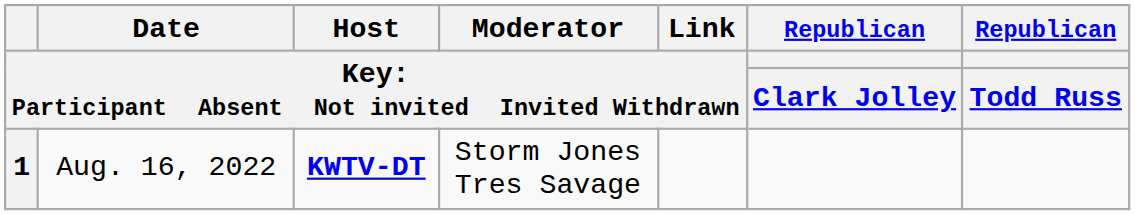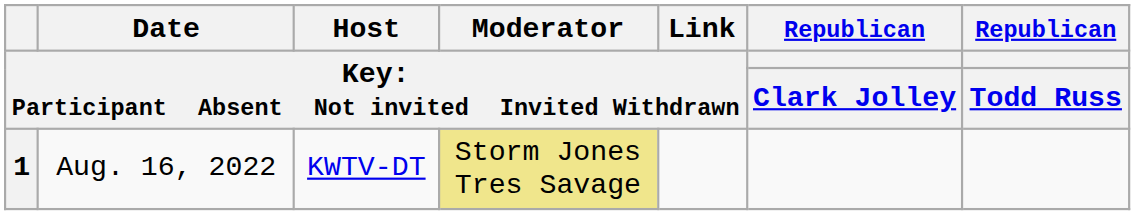 <table class="wikitable" style="text-align:center;">
 <tr>
 <th scope="col"></th>
 <th scope="col">Date</th>
 <th scope="col">Host</th>
 <th scope="col">Moderator</th>
 <th scope="col">Link</th>
 <th scope="col"><small><a href='#'>Republican</a></small></th>
 <th scope="col"><small><a href='#'>Republican</a></small></th>
 </tr>
 <tr>
 <th colspan="5" rowspan="2">Key:<br> <small>Participant </small>  <small>Absent </small>  <small>Not invited </small>  <small>Invited  Withdrawn</small></th>
 <th scope="col" style="background:"></th>
 <th scope="col" style="background:"></th>
 </tr>
 <tr>
 <th scope="col"><a href='#'>Clark Jolley</a></th>
 <th scope="col"><a href='#'>Todd Russ</a></th>
 </tr>
 <tr>
 <th>1</th>
 <td style="white-space:nowrap;">Aug. 16, 2022</td>
-<td style="white-space:nowrap;"><strong><a href='#'>KWTV-DT</a></strong></td>
-<td style="white-space:nowrap;">Storm Jones<br>Tres Savage</td>
+<td style="white-space:nowrap;"><a href='#'>KWTV-DT</a></td>
+<td style="background: khaki; white-space:nowrap;">Storm Jones<br>Tres Savage</td>
 <td style="white-space:nowrap;"></td>
 <td></td>
 <td></td>
 </tr>
 </table>
